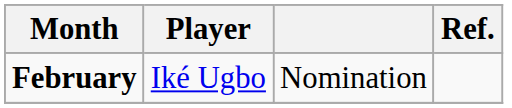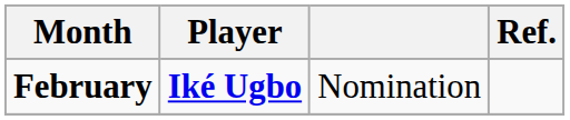 <table class="wikitable" style="text-align:left">
 <tr>
 <th>Month</th>
 <th>Player</th>
 <th></th>
 <th>Ref.</th>
 </tr>
 <tr>
 <td align="center"><strong>February</strong></td>
-<td> <a href='#'>Iké Ugbo</a></td>
+<td><strong> <a href='#'>Iké Ugbo</a></strong></td>
 <td>Nomination</td>
 <td align="center"></td>
 </tr>
 <tr>
 </tr>
 </table>
